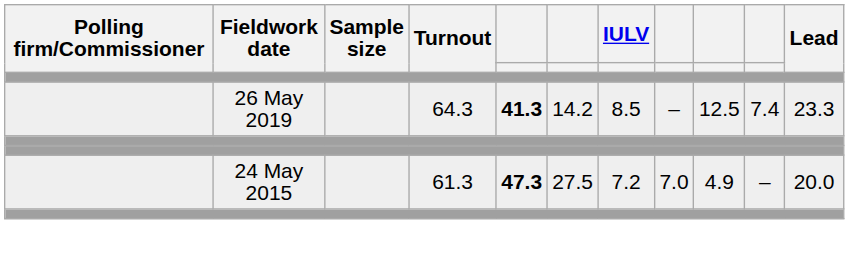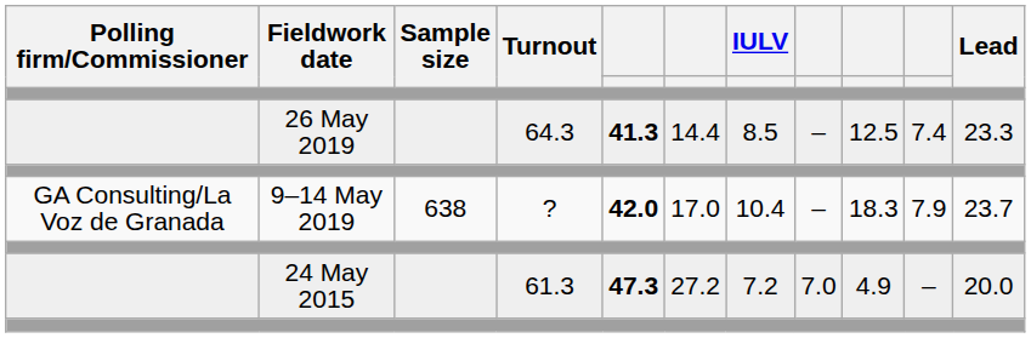 <table class="wikitable collapsible collapsed" style="text-align:center; font-size:95%; line-height:16px;">
 <tr style="height:42px;">
 <th style="width:250px;" rowspan="2">Polling firm/Commissioner</th>
 <th style="width:125px;" rowspan="2">Fieldwork date</th>
 <th style="width:50px;" rowspan="2">Sample size</th>
 <th style="width:45px;" rowspan="2">Turnout</th>
 <th style="width:35px;"></th>
 <th style="width:35px;"></th>
 <th style="width:35px;"><a href='#'>IULV</a></th>
 <th style="width:35px;"></th>
 <th style="width:35px;"></th>
 <th style="width:35px;"></th>
 <th style="width:30px;" rowspan="2">Lead</th>
 </tr>
 <tr>
 <th style="color:inherit;background:"></th>
 <th style="color:inherit;background:"></th>
 <th style="color:inherit;background:"></th>
 <th style="color:inherit;background:"></th>
 <th style="color:inherit;background:"></th>
 <th style="color:inherit;background:"></th>
 </tr>
 <tr>
 <td colspan="11" style="background:#A0A0A0"></td>
 </tr>
 <tr style="background:#EFEFEF;">
 <td><strong></strong></td>
 <td>26 May 2019</td>
 <td></td>
 <td>64.3</td>
 <td><strong>41.3</strong><br></td>
-<td>14.2<br></td>
+<td>14.4<br></td>
 <td>8.5<br></td>
 <td>–</td>
 <td>12.5<br></td>
 <td>7.4<br></td>
 <td style="background:">23.3</td>
 </tr>
 <tr>
 <td colspan="11" style="background:#A0A0A0"></td>
 </tr>
 <tr>
+<td>GA Consulting/La Voz de Granada</td>
+<td>9–14 May 2019</td>
+<td>638</td>
+<td>?</td>
+<td><strong>42.0</strong><br></td>
+<td>17.0<br></td>
+<td>10.4<br></td>
+<td>–</td>
+<td>18.3<br></td>
+<td>7.9<br></td>
+<td style="background:">23.7</td>
+</tr>
+<tr>
 <td colspan="11" style="background:#A0A0A0"></td>
 </tr>
 <tr style="background:#EFEFEF;">
 <td><strong></strong></td>
 <td>24 May 2015</td>
 <td></td>
 <td>61.3</td>
 <td><strong>47.3</strong><br></td>
-<td>27.5<br></td>
+<td>27.2<br></td>
 <td>7.2<br></td>
 <td>7.0<br></td>
 <td>4.9<br></td>
 <td>–</td>
 <td style="background:">20.0</td>
 </tr>
 <tr>
 <td colspan="11" style="background:#A0A0A0"></td>
 </tr>
 </table>
